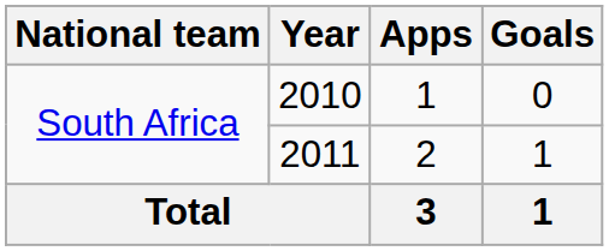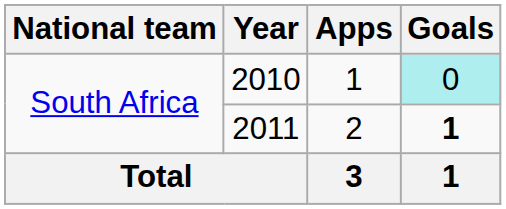 <table class="wikitable" style="text-align:center">
 <tr>
 <th>National team</th>
 <th>Year</th>
 <th>Apps</th>
 <th>Goals</th>
 </tr>
 <tr>
 <td rowspan="2"><a href='#'>South Africa</a></td>
 <td>2010</td>
 <td>1</td>
-<td>0</td>
+<td style="background: paleturquoise;">0</td>
 </tr>
 <tr>
 <td>2011</td>
 <td>2</td>
-<td>1</td>
+<td><strong>1</strong></td>
 </tr>
 <tr>
 <th colspan="2">Total</th>
 <th>3</th>
 <th>1</th>
 </tr>
 </table>
